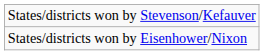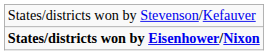 <table class="wikitable">
 <tr>
 <td>States/districts won by <a href='#'>Stevenson</a>/<a href='#'>Kefauver</a></td>
 </tr>
 <tr>
-<td>States/districts won by <a href='#'>Eisenhower</a>/<a href='#'>Nixon</a></td>
+<td><strong>States/districts won by <a href='#'>Eisenhower</a>/<a href='#'>Nixon</a></strong></td>
 </tr>
 </table>
